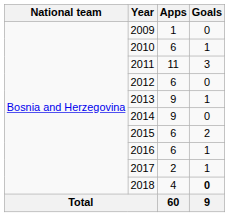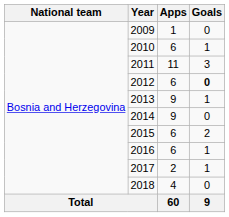 <table class="wikitable" style="text-align:center">
 <tr>
 <th>National team</th>
 <th>Year</th>
 <th>Apps</th>
 <th>Goals</th>
 </tr>
 <tr>
 <td rowspan="10"><a href='#'>Bosnia and Herzegovina</a></td>
 <td>2009</td>
 <td>1</td>
 <td>0</td>
 </tr>
 <tr>
 <td>2010</td>
 <td>6</td>
 <td>1</td>
 </tr>
 <tr>
 <td>2011</td>
 <td>11</td>
 <td>3</td>
 </tr>
 <tr>
 <td>2012</td>
 <td>6</td>
-<td>0</td>
+<td><strong>0</strong></td>
 </tr>
 <tr>
 <td>2013</td>
 <td>9</td>
 <td>1</td>
 </tr>
 <tr>
 <td>2014</td>
 <td>9</td>
 <td>0</td>
 </tr>
 <tr>
 <td>2015</td>
 <td>6</td>
 <td>2</td>
 </tr>
 <tr>
 <td>2016</td>
 <td>6</td>
 <td>1</td>
 </tr>
 <tr>
 <td>2017</td>
 <td>2</td>
 <td>1</td>
 </tr>
 <tr>
 <td>2018</td>
 <td>4</td>
-<td><strong>0</strong></td>
+<td>0</td>
 </tr>
 <tr>
 <th colspan="2">Total</th>
 <th>60</th>
 <th>9</th>
 </tr>
 </table>
